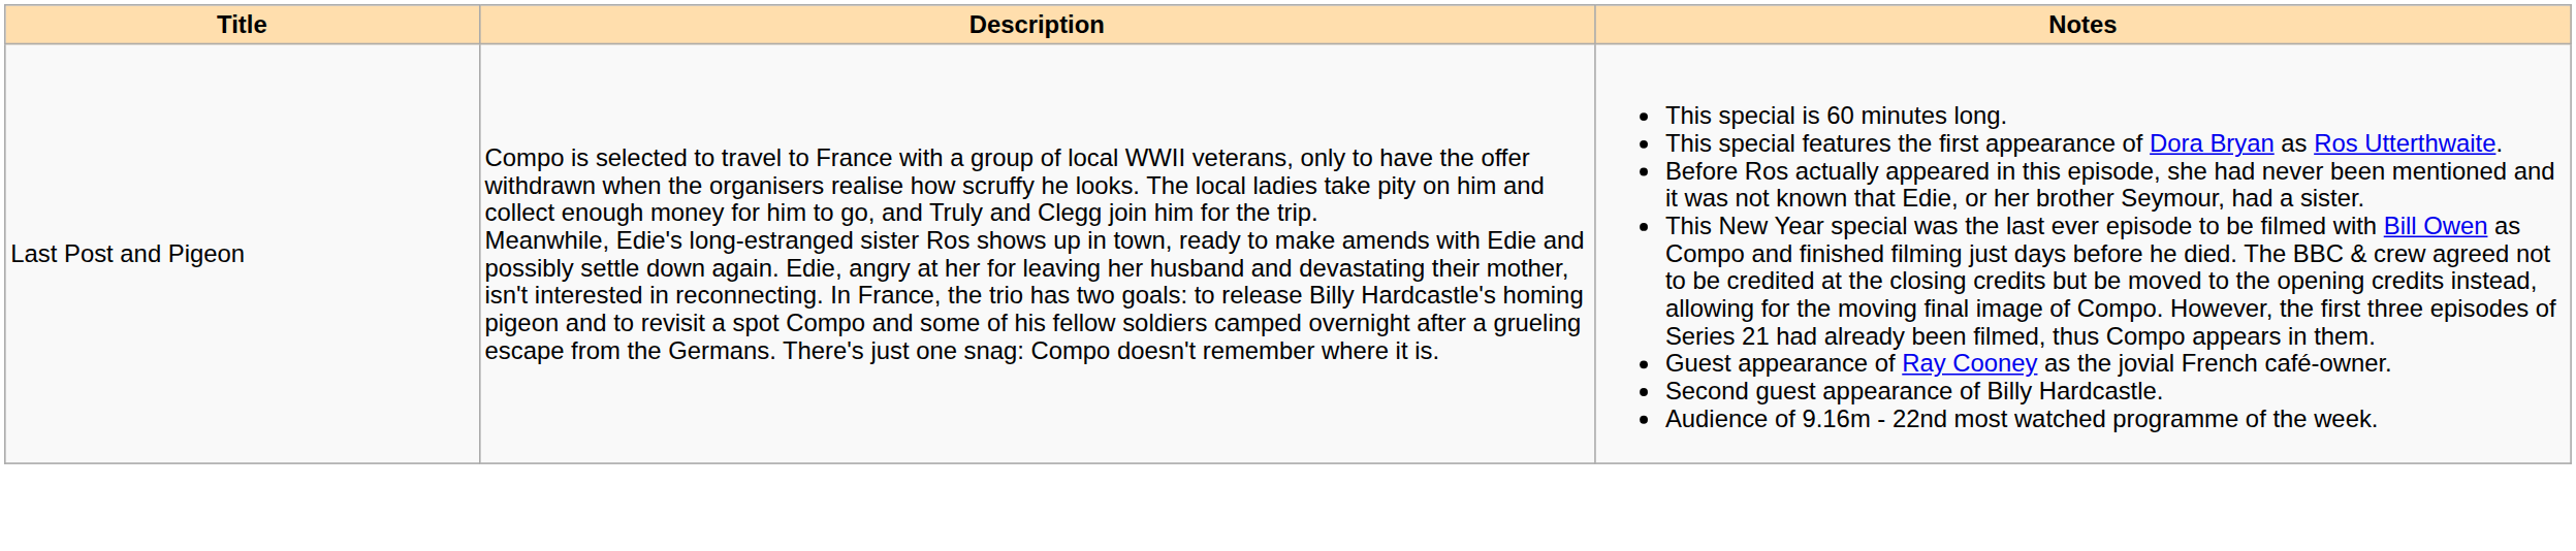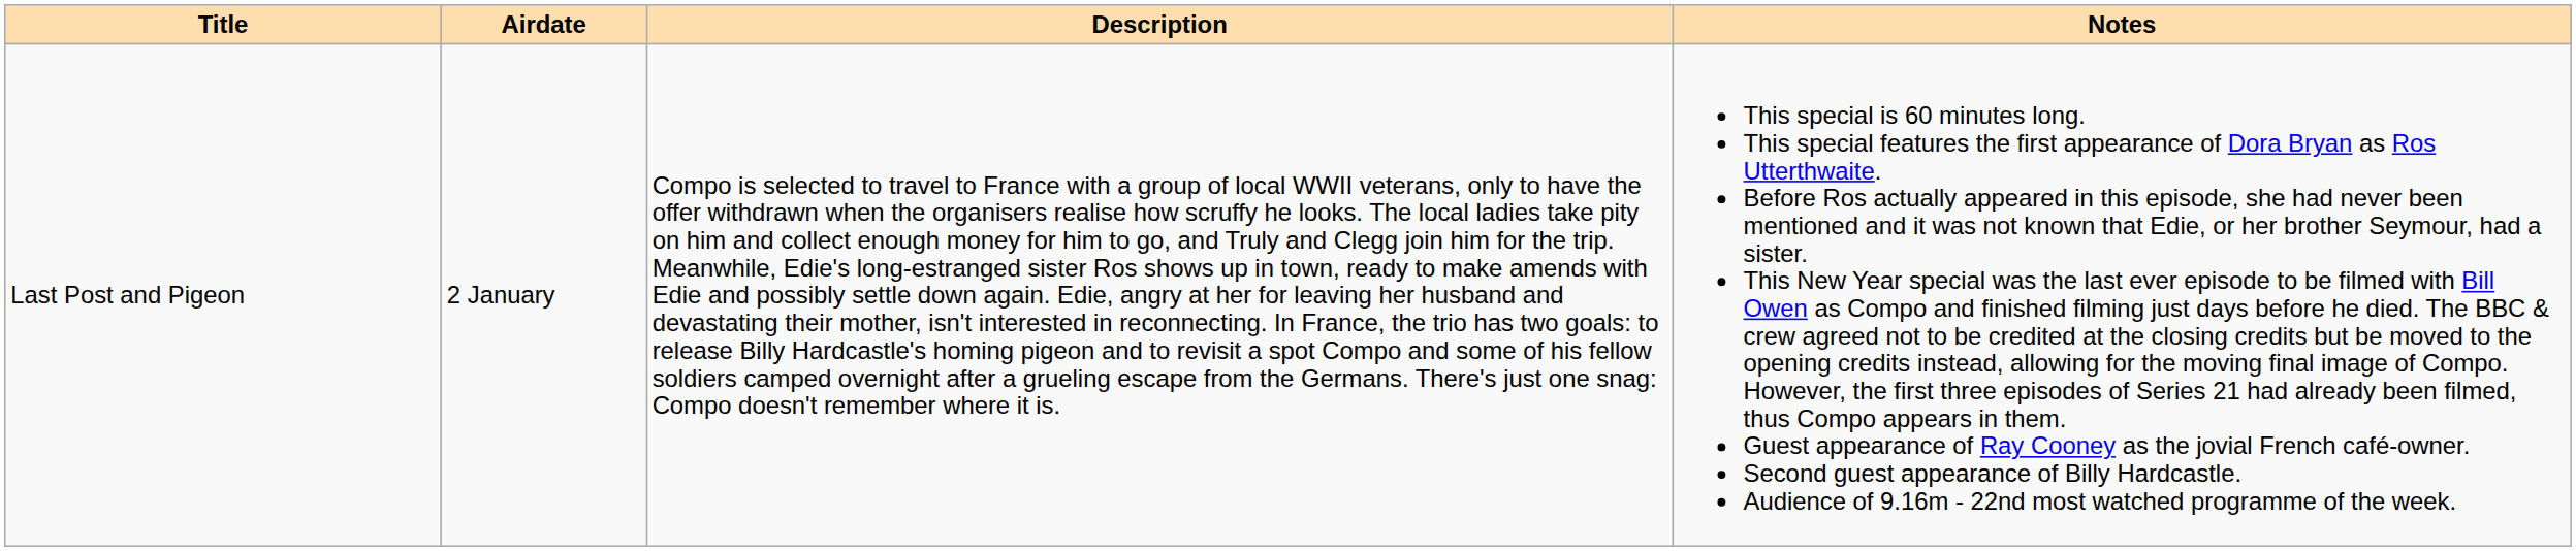 <table class="wikitable" width=100% border=1 style="font-size: 95%">
 <tr>
 <th style="background:#ffdead" width=17%>Title</th>
+<th style="background:#ffdead" width=8%>Airdate</th>
 <th style="background:#ffdead" width=40%>Description</th>
 <th style="background:#ffdead" width=35%>Notes</th>
 </tr>
 <tr>
 <td>Last Post and Pigeon</td>
+<td>2 January</td>
 <td>Compo is selected to travel to France with a group of local WWII veterans, only to have the offer withdrawn when the organisers realise how scruffy he looks. The local ladies take pity on him and collect enough money for him to go, and Truly and Clegg join him for the trip.<br>Meanwhile, Edie's long-estranged sister Ros shows up in town, ready to make amends with Edie and possibly settle down again. Edie, angry at her for leaving her husband and devastating their mother, isn't interested in reconnecting. In France, the trio has two goals: to release Billy Hardcastle's homing pigeon and to revisit a spot Compo and some of his fellow soldiers camped overnight after a grueling escape from the Germans. There's just one snag: Compo doesn't remember where it is.</td>
 <td><br><ul><li>This special is 60 minutes long.</li><li>This special features the first appearance of <a href='#'>Dora Bryan</a> as <a href='#'>Ros Utterthwaite</a>.</li><li>Before Ros actually appeared in this episode, she had never been mentioned and it was not known that Edie, or her brother Seymour, had a sister.</li><li>This New Year special was the last ever episode to be filmed with <a href='#'>Bill Owen</a> as Compo and finished filming just days before he died. The BBC & crew agreed not to be credited at the closing credits but be moved to the opening credits instead, allowing for the moving final image of Compo. However, the first three episodes of Series 21 had already been filmed, thus Compo appears in them.</li><li>Guest appearance of <a href='#'>Ray Cooney</a> as the jovial French café-owner.</li><li>Second guest appearance of Billy Hardcastle.</li><li>Audience of 9.16m - 22nd most watched programme of the week.</li></ul></td>
 </tr>
 </table>
